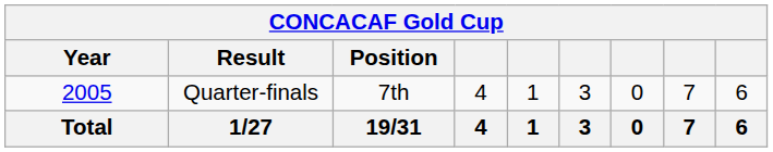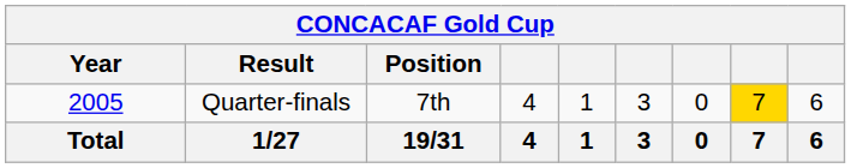 <table class="wikitable" style="text-align: center;">
 <tr>
 <th colspan=9><a href='#'>CONCACAF Gold Cup</a></th>
 </tr>
 <tr>
 <th style="width:110px;">Year</th>
 <th style="width:110px;">Result</th>
 <th style="width:80px;">Position</th>
 <th style="width:30px;"></th>
 <th style="width:30px;"></th>
 <th style="width:30px;"></th>
 <th style="width:30px;"></th>
 <th style="width:30px;"></th>
 <th style="width:30px;"></th>
 </tr>
 <tr>
 <td> <a href='#'>2005</a></td>
 <td>Quarter-finals</td>
 <td>7th</td>
 <td>4</td>
 <td>1</td>
 <td>3</td>
 <td>0</td>
-<td>7</td>
+<td style="background: gold;">7</td>
 <td>6</td>
 </tr>
 <tr>
 <th><strong>Total</strong></th>
 <th><strong>1/27</strong></th>
 <th><strong>19/31</strong></th>
 <th><strong>4</strong></th>
 <th><strong>1</strong></th>
 <th><strong>3</strong></th>
 <th><strong>0</strong></th>
 <th><strong>7</strong></th>
 <th><strong>6</strong></th>
 </tr>
 </table>
